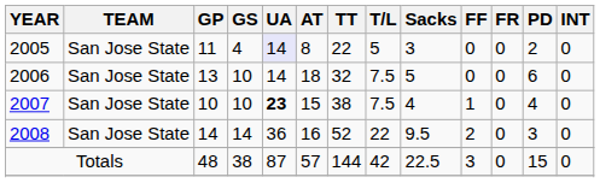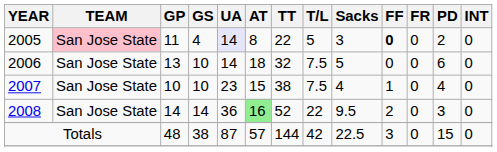 <table class="wikitable">
 <tr>
 <th>YEAR</th>
 <th>TEAM</th>
 <th>GP</th>
 <th>GS</th>
 <th>UA</th>
 <th>AT</th>
 <th>TT</th>
 <th>T/L</th>
 <th>Sacks</th>
 <th>FF</th>
 <th>FR</th>
 <th>PD</th>
 <th>INT</th>
 </tr>
 <tr>
 <td>2005</td>
-<td>San Jose State</td>
+<td style="background: pink;">San Jose State</td>
 <td>11</td>
 <td>4</td>
 <td style="background: lavender;">14</td>
 <td>8</td>
 <td>22</td>
 <td>5</td>
 <td>3</td>
-<td>0</td>
+<td><strong>0</strong></td>
 <td>0</td>
 <td>2</td>
 <td>0</td>
 </tr>
 <tr>
 <td>2006</td>
 <td>San Jose State</td>
 <td>13</td>
 <td>10</td>
 <td>14</td>
 <td>18</td>
 <td>32</td>
 <td>7.5</td>
 <td>5</td>
 <td>0</td>
 <td>0</td>
 <td>6</td>
 <td>0</td>
 </tr>
 <tr>
 <td><a href='#'>2007</a></td>
 <td>San Jose State</td>
 <td>10</td>
 <td>10</td>
-<td><strong>23</strong></td>
+<td>23</td>
 <td>15</td>
 <td>38</td>
 <td>7.5</td>
 <td>4</td>
 <td>1</td>
 <td>0</td>
 <td>4</td>
 <td>0</td>
 </tr>
 <tr>
 <td><a href='#'>2008</a></td>
 <td>San Jose State</td>
 <td>14</td>
 <td>14</td>
 <td>36</td>
-<td>16</td>
+<td style="background: lightgreen;">16</td>
 <td>52</td>
 <td>22</td>
 <td>9.5</td>
 <td>2</td>
 <td>0</td>
 <td>3</td>
 <td>0</td>
 </tr>
 <tr>
 </tr>
 <tr>
 <td colspan="2" align="center">Totals</td>
 <td>48</td>
 <td>38</td>
 <td>87</td>
 <td>57</td>
 <td>144</td>
 <td>42</td>
 <td>22.5</td>
 <td>3</td>
 <td>0</td>
 <td>15</td>
 <td>0</td>
 </tr>
 <tr>
 </tr>
 <tr>
 </tr>
 </table>
